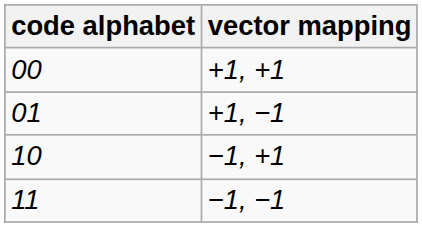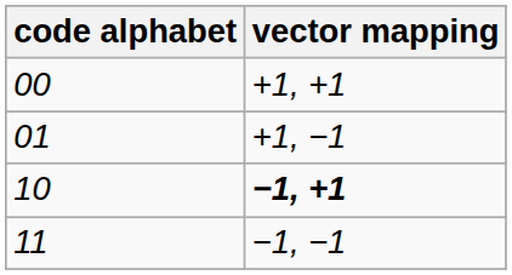 <table border class="wikitable">
 <tr>
 <th>code alphabet</th>
 <th>vector mapping</th>
 </tr>
 <tr>
 <td><em>00</em></td>
 <td><em>+1, +1</em></td>
 </tr>
 <tr>
 <td><em>01</em></td>
 <td><em>+1, −1</em></td>
 </tr>
 <tr>
 <td><em>10</em></td>
-<td><em>−1, +1</em></td>
+<td><strong><em>−1, +1</em></strong></td>
 </tr>
 <tr>
 <td><em>11</em></td>
 <td><em>−1, −1</em></td>
 </tr>
 </table>
